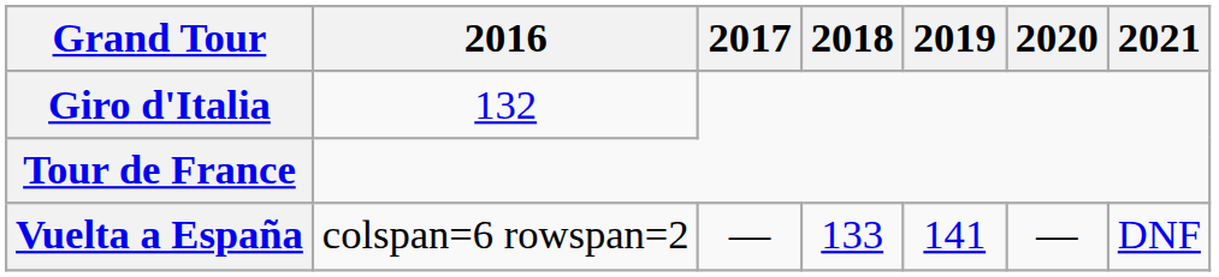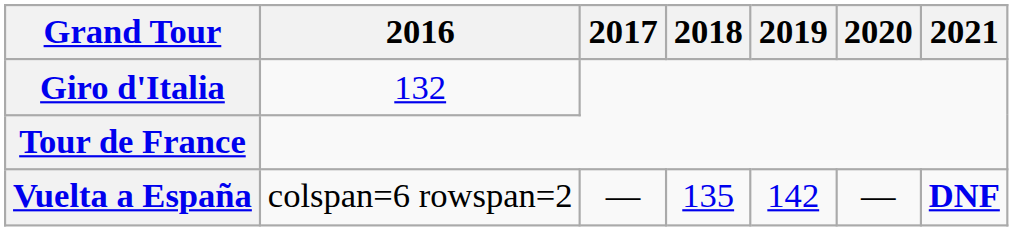 <table class="wikitable plainrowheaders">
 <tr>
 <th scope="col"><a href='#'>Grand Tour</a></th>
 <th scope="col">2016</th>
 <th scope="col">2017</th>
 <th scope="col">2018</th>
 <th scope="col">2019</th>
 <th scope="col">2020</th>
 <th scope="col">2021</th>
 </tr>
 <tr style="text-align:center;">
 <th scope="row"> <a href='#'>Giro d'Italia</a></th>
 <td><a href='#'>132</a></td>
 </tr>
 <tr style="text-align:center;">
 <th scope="row"> <a href='#'>Tour de France</a></th>
 </tr>
 <tr style="text-align:center;">
 <th scope="row"> <a href='#'>Vuelta a España</a></th>
 <td>colspan=6 rowspan=2 </td>
 <td>—</td>
-<td><a href='#'>133</a></td>
-<td><a href='#'>141</a></td>
+<td><a href='#'>135</a></td>
+<td><a href='#'>142</a></td>
 <td>—</td>
-<td><a href='#'>DNF</a></td>
+<td><strong><a href='#'>DNF</a></strong></td>
 </tr>
 </table>
